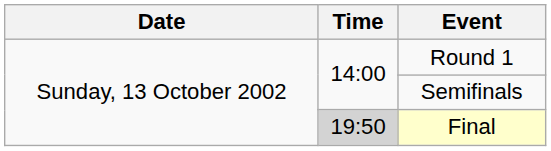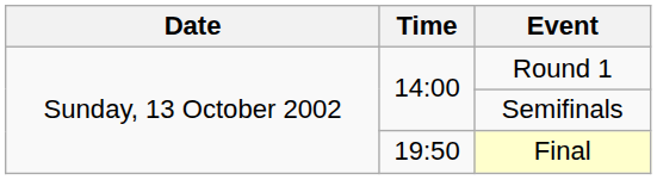 <table class = "wikitable" style="text-align:center;">
 <tr>
 <th width=220>Date</th>
 <th width=50>Time</th>
 <th width=100>Event</th>
 </tr>
 <tr>
 <td rowspan=3>Sunday, 13 October 2002</td>
 <td rowspan=2>14:00</td>
 <td>Round 1</td>
 </tr>
 <tr>
 <td>Semifinals</td>
 </tr>
 <tr>
-<td style="background: lightgrey;">19:50</td>
+<td>19:50</td>
 <td bgcolor=ffffcc>Final</td>
 </tr>
 </table>
